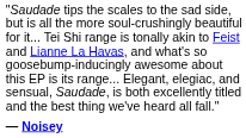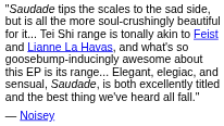 <table class="toccolours" style="float: right; margin-left: 1em; margin-right: 0em; font-size: 85%; background:offwhite; color:black; width:20em; max-width: 40%;" cellspacing="5">
 <tr>
 <td style="text-align: left;">"<em>Saudade</em> tips the scales to the sad side, but is all the more soul-crushingly beautiful for it... Tei Shi range is tonally akin to <a href='#'>Feist</a> and <a href='#'>Lianne La Havas</a>, and what's so goosebump-inducingly awesome about this EP is its range... Elegant, elegiac, and sensual, <em>Saudade</em>, is both excellently titled and the best thing we've heard all fall."</td>
 </tr>
 <tr>
-<td style="text-align: left;"><strong>— <a href='#'>Noisey</a></strong></td>
+<td style="text-align: left;">— <a href='#'>Noisey</a></td>
 </tr>
 </table>
